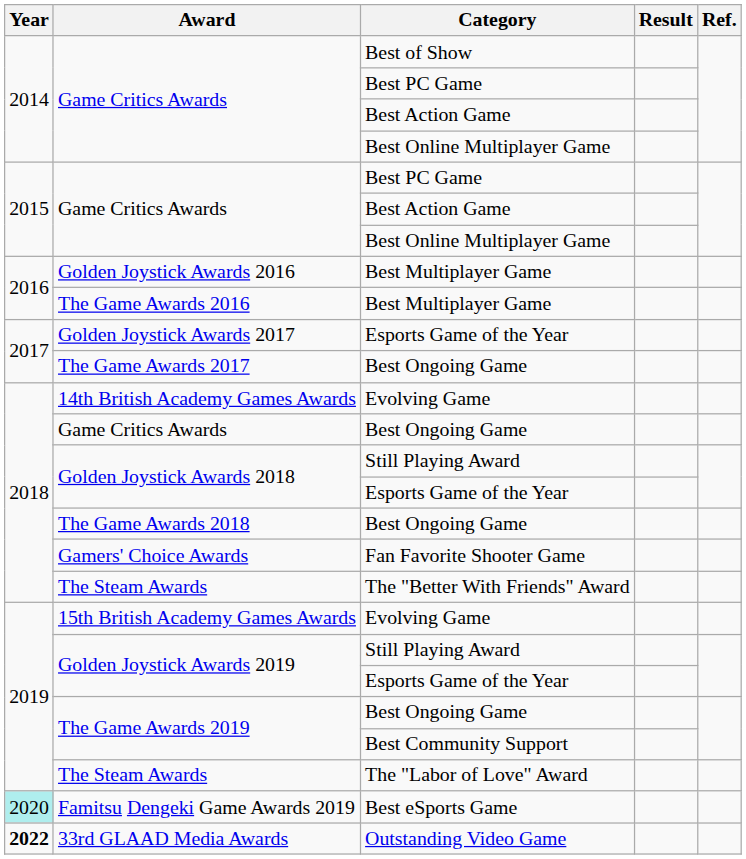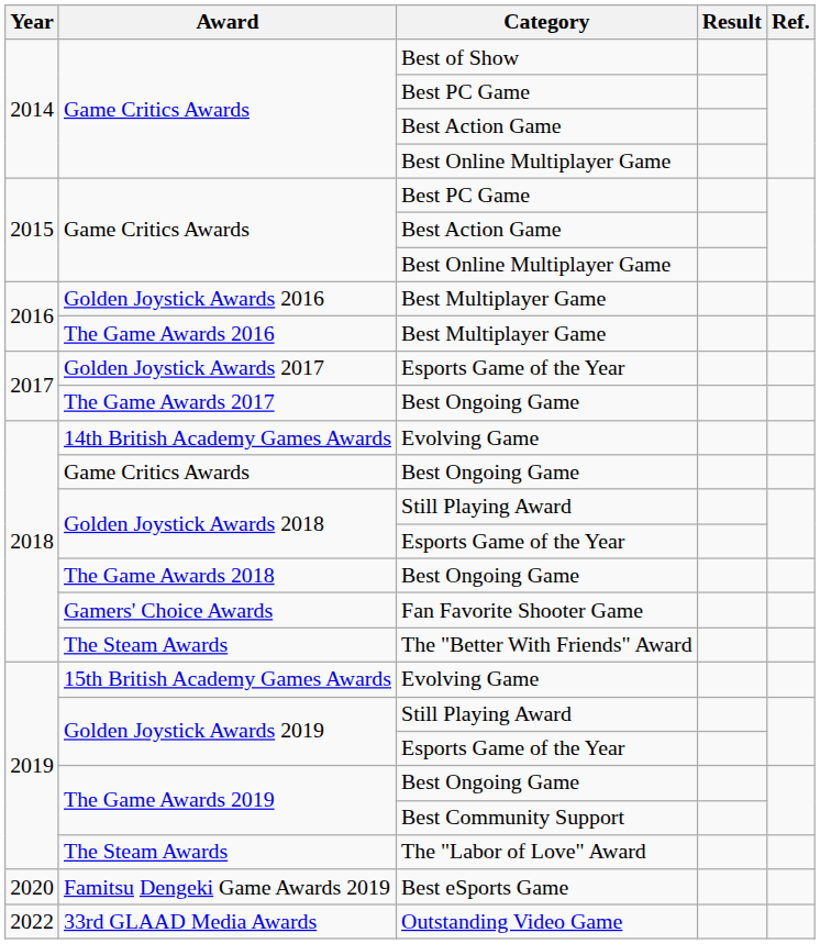 <table class="wikitable sortable">
 <tr>
 <th>Year</th>
 <th>Award</th>
 <th>Category</th>
 <th>Result</th>
 <th>Ref.</th>
 </tr>
 <tr>
 <td style="text-align:center;" rowspan="4">2014</td>
 <td rowspan="4"><a href='#'>Game Critics Awards</a></td>
 <td>Best of Show</td>
 <td></td>
 <td rowspan="4" style="text-align:center;"></td>
 </tr>
 <tr>
 <td>Best PC Game</td>
 <td></td>
 </tr>
 <tr>
 <td>Best Action Game</td>
 <td></td>
 </tr>
 <tr>
 <td>Best Online Multiplayer Game</td>
 <td></td>
 </tr>
 <tr>
 <td rowspan="3" style="text-align:center;">2015</td>
 <td rowspan="3">Game Critics Awards</td>
 <td>Best PC Game</td>
 <td></td>
 <td rowspan="3" style="text-align:center;"></td>
 </tr>
 <tr>
 <td>Best Action Game</td>
 <td></td>
 </tr>
 <tr>
 <td>Best Online Multiplayer Game</td>
 <td></td>
 </tr>
 <tr>
 <td style="text-align:center;" rowspan="2">2016</td>
 <td><a href='#'>Golden Joystick Awards</a> 2016</td>
 <td>Best Multiplayer Game</td>
 <td></td>
 <td style="text-align:center;"></td>
 </tr>
 <tr>
 <td><a href='#'>The Game Awards 2016</a></td>
 <td>Best Multiplayer Game</td>
 <td></td>
 <td style="text-align:center;"></td>
 </tr>
 <tr>
 <td style="text-align:center;" rowspan="2">2017</td>
 <td><a href='#'>Golden Joystick Awards</a> 2017</td>
 <td>Esports Game of the Year</td>
 <td></td>
 <td style="text-align:center;"></td>
 </tr>
 <tr>
 <td><a href='#'>The Game Awards 2017</a></td>
 <td>Best Ongoing Game</td>
 <td></td>
 <td style="text-align:center;"></td>
 </tr>
 <tr>
 <td rowspan="7">2018</td>
 <td><a href='#'>14th British Academy Games Awards</a></td>
 <td>Evolving Game</td>
 <td></td>
 <td style="text-align:center;"></td>
 </tr>
 <tr>
 <td>Game Critics Awards</td>
 <td>Best Ongoing Game</td>
 <td></td>
 <td style="text-align:center;"></td>
 </tr>
 <tr>
 <td rowspan="2"><a href='#'>Golden Joystick Awards</a> 2018</td>
 <td>Still Playing Award</td>
 <td></td>
 <td rowspan="2" style="text-align:center;"></td>
 </tr>
 <tr>
 <td>Esports Game of the Year</td>
 <td></td>
 </tr>
 <tr>
 <td><a href='#'>The Game Awards 2018</a></td>
 <td>Best Ongoing Game</td>
 <td></td>
 <td style="text-align:center;"></td>
 </tr>
 <tr>
 <td><a href='#'>Gamers' Choice Awards</a></td>
 <td>Fan Favorite Shooter Game</td>
 <td></td>
 <td style="text-align:center;"></td>
 </tr>
 <tr>
 <td><a href='#'>The Steam Awards</a></td>
 <td>The "Better With Friends" Award</td>
 <td></td>
 <td style="text-align:center;"></td>
 </tr>
 <tr>
 <td rowspan="6">2019</td>
 <td><a href='#'>15th British Academy Games Awards</a></td>
 <td>Evolving Game</td>
 <td></td>
 <td style="text-align:center;"></td>
 </tr>
 <tr>
 <td rowspan="2"><a href='#'>Golden Joystick Awards</a> 2019</td>
 <td>Still Playing Award</td>
 <td></td>
 <td rowspan="2" style="text-align:center;"></td>
 </tr>
 <tr>
 <td>Esports Game of the Year</td>
 <td></td>
 </tr>
 <tr>
 <td rowspan="2"><a href='#'>The Game Awards 2019</a></td>
 <td>Best Ongoing Game</td>
 <td></td>
 <td rowspan="2" style="text-align:center;"></td>
 </tr>
 <tr>
 <td>Best Community Support</td>
 <td></td>
 </tr>
 <tr>
 <td><a href='#'>The Steam Awards</a></td>
 <td>The "Labor of Love" Award</td>
 <td></td>
 <td style="text-align:center;"></td>
 </tr>
 <tr>
-<td style="background: paleturquoise; text-align:center;" rowspan="1">2020</td>
+<td style="text-align:center;" rowspan="1">2020</td>
 <td><a href='#'>Famitsu</a> <a href='#'>Dengeki</a> Game Awards 2019</td>
 <td>Best eSports Game</td>
 <td></td>
 <td style="text-align:center;"></td>
 </tr>
 <tr>
-<td style="text-align:center;" rowspan="1"><strong>2022</strong></td>
+<td style="text-align:center;" rowspan="1">2022</td>
 <td><a href='#'>33rd GLAAD Media Awards</a></td>
 <td><a href='#'>Outstanding Video Game</a></td>
 <td></td>
 <td style="text-align:center;"></td>
 </tr>
 </table>
